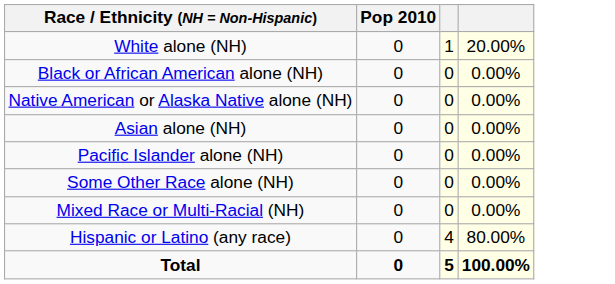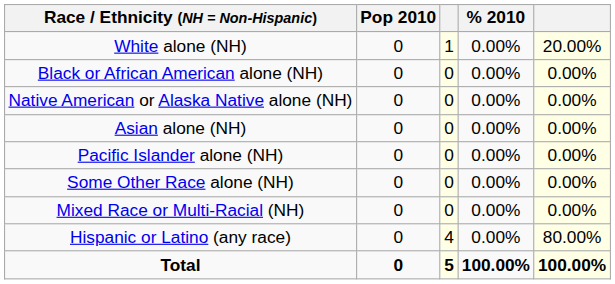 <table class="wikitable" style="text-align:center;">
 <tr>
 <th>Race / Ethnicity <small>(<em>NH = Non-Hispanic</em>)</small></th>
 <th>Pop 2010</th>
 <th></th>
+<th>% 2010</th>
 <th></th>
 </tr>
 <tr>
 <td><a href='#'>White</a> alone (NH)</td>
 <td>0</td>
 <td style='background: #ffffe6;'>1</td>
+<td>0.00%</td>
 <td style='background: #ffffe6;'>20.00%</td>
 </tr>
 <tr>
 <td><a href='#'>Black or African American</a> alone (NH)</td>
 <td>0</td>
 <td style='background: #ffffe6;'>0</td>
+<td>0.00%</td>
 <td style='background: #ffffe6;'>0.00%</td>
 </tr>
 <tr>
 <td><a href='#'>Native American</a> or <a href='#'>Alaska Native</a> alone (NH)</td>
 <td>0</td>
 <td style='background: #ffffe6;'>0</td>
+<td>0.00%</td>
 <td style='background: #ffffe6;'>0.00%</td>
 </tr>
 <tr>
 <td><a href='#'>Asian</a> alone (NH)</td>
 <td>0</td>
 <td style='background: #ffffe6;'>0</td>
+<td>0.00%</td>
 <td style='background: #ffffe6;'>0.00%</td>
 </tr>
 <tr>
 <td><a href='#'>Pacific Islander</a> alone (NH)</td>
 <td>0</td>
 <td style='background: #ffffe6;'>0</td>
+<td>0.00%</td>
 <td style='background: #ffffe6;'>0.00%</td>
 </tr>
 <tr>
 <td><a href='#'>Some Other Race</a> alone (NH)</td>
 <td>0</td>
 <td style='background: #ffffe6;'>0</td>
+<td>0.00%</td>
 <td style='background: #ffffe6;'>0.00%</td>
 </tr>
 <tr>
 <td><a href='#'>Mixed Race or Multi-Racial</a> (NH)</td>
 <td>0</td>
 <td style='background: #ffffe6;'>0</td>
+<td>0.00%</td>
 <td style='background: #ffffe6;'>0.00%</td>
 </tr>
 <tr>
 <td><a href='#'>Hispanic or Latino</a> (any race)</td>
 <td>0</td>
 <td style='background: #ffffe6;'>4</td>
+<td>0.00%</td>
 <td style='background: #ffffe6;'>80.00%</td>
 </tr>
 <tr>
 <td><strong>Total</strong></td>
 <td><strong>0</strong></td>
 <td style='background: #ffffe6;'><strong>5</strong></td>
+<td><strong>100.00%</strong></td>
 <td style='background: #ffffe6;'><strong>100.00%</strong></td>
 </tr>
 </table>
